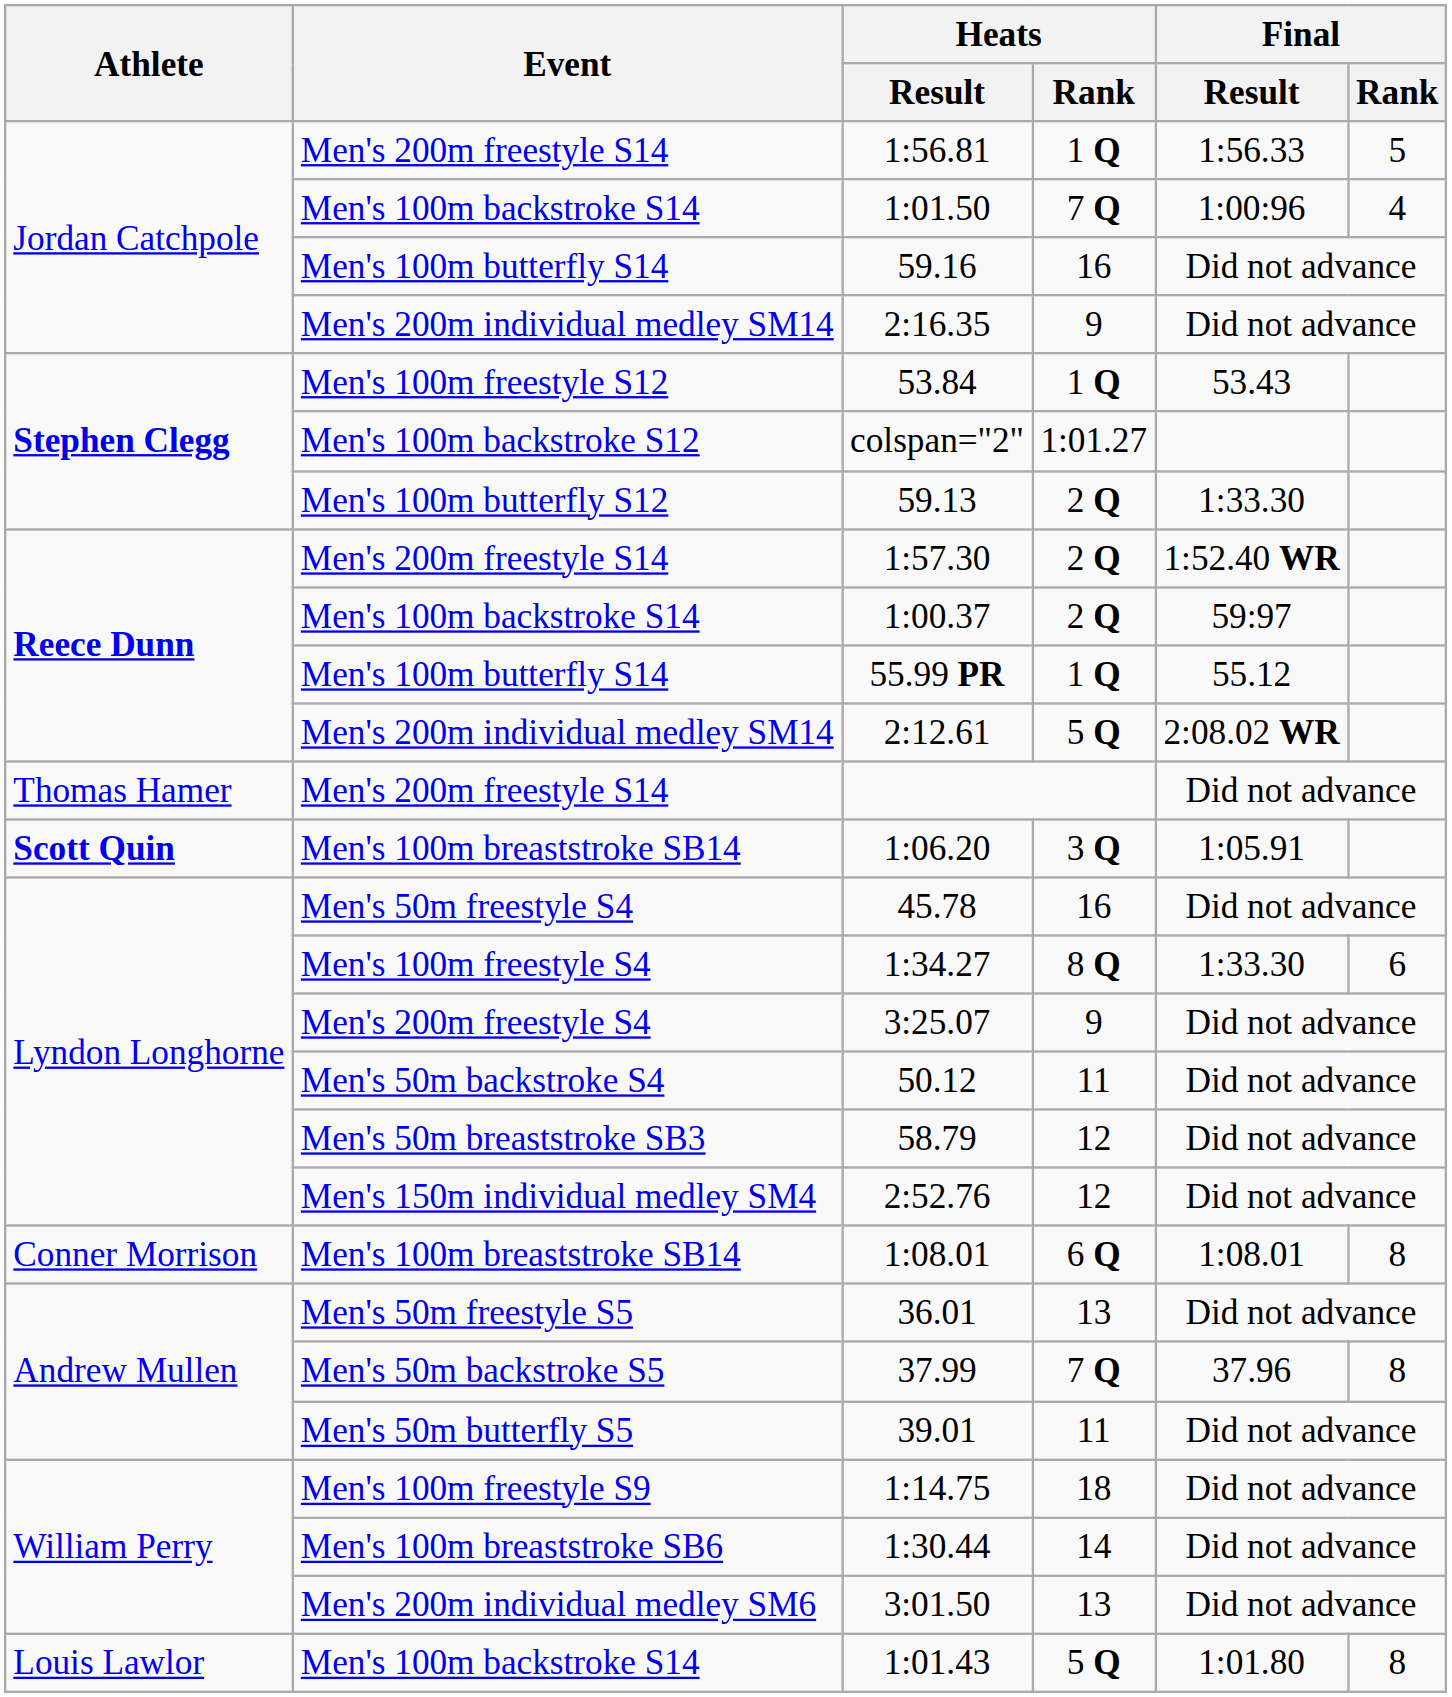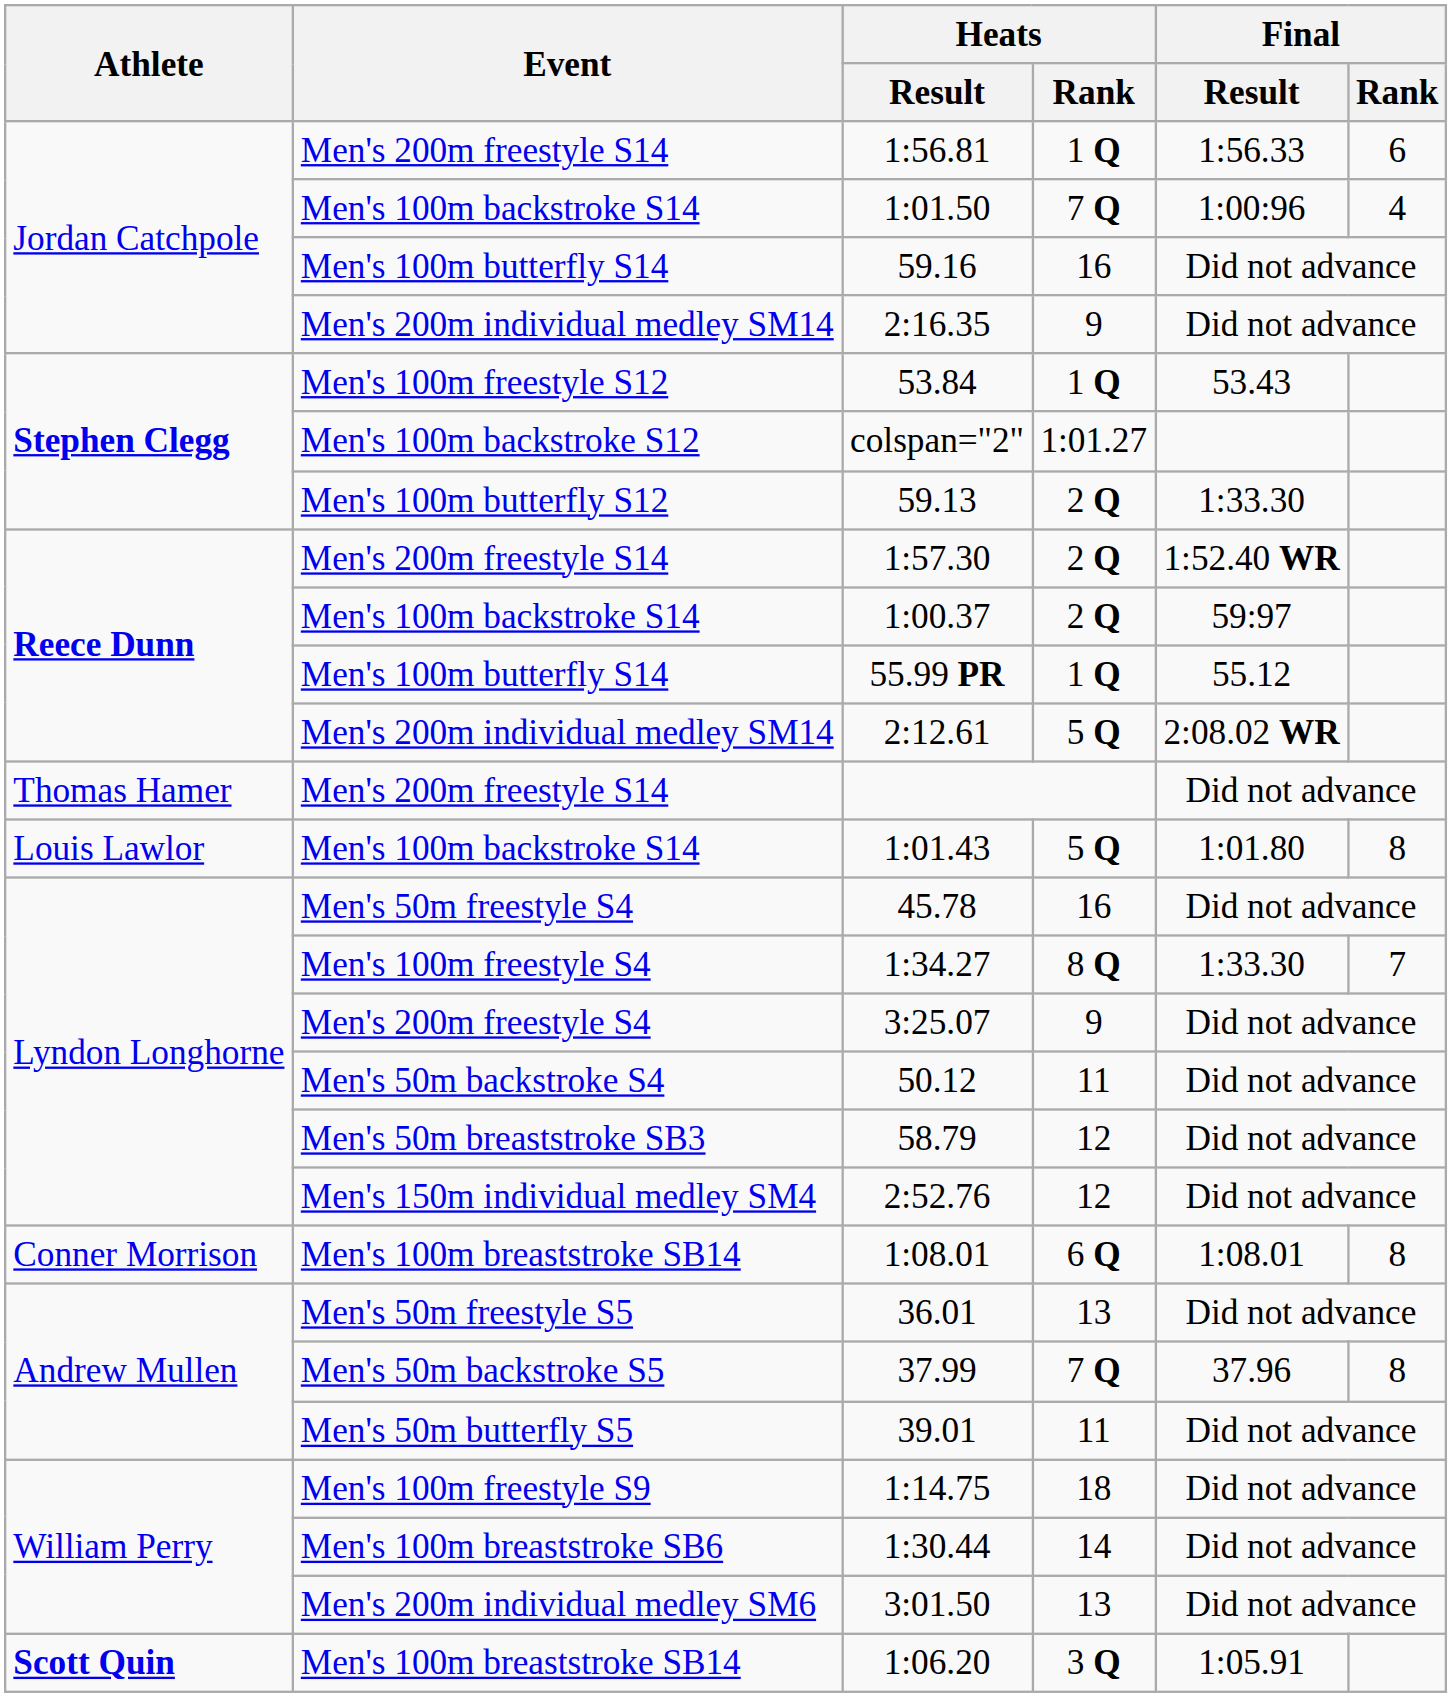 <table class=wikitable style="font-size:95%">
 <tr>
 <th rowspan="2">Athlete</th>
 <th rowspan="2">Event</th>
 <th colspan="2">Heats</th>
 <th colspan="2">Final</th>
 </tr>
 <tr>
 <th>Result</th>
 <th>Rank</th>
 <th>Result</th>
 <th>Rank</th>
 </tr>
 <tr align=center>
 <td align=left rowspan=4><a href='#'>Jordan Catchpole</a></td>
 <td align=left><a href='#'>Men's 200m freestyle S14</a></td>
 <td>1:56.81</td>
 <td>1 <strong>Q</strong></td>
 <td>1:56.33</td>
-<td>5</td>
+<td>6</td>
 </tr>
 <tr align=center>
 <td align=left><a href='#'>Men's 100m backstroke S14</a></td>
 <td>1:01.50</td>
 <td>7 <strong>Q</strong></td>
 <td>1:00:96</td>
 <td>4</td>
 </tr>
 <tr align=center>
 <td align=left><a href='#'>Men's 100m butterfly S14</a></td>
 <td>59.16</td>
 <td>16</td>
 <td colspan=2>Did not advance</td>
 </tr>
 <tr align=center>
 <td align=left><a href='#'>Men's  200m individual medley SM14</a></td>
 <td>2:16.35</td>
 <td>9</td>
 <td colspan=2>Did not advance</td>
 </tr>
 <tr align=center>
 <td align=left rowspan=3><strong><a href='#'>Stephen Clegg</a></strong></td>
 <td align=left><a href='#'>Men's 100m freestyle S12</a></td>
 <td>53.84</td>
 <td>1 <strong>Q</strong></td>
 <td>53.43</td>
 <td></td>
 </tr>
 <tr align=center>
 <td align=left><a href='#'>Men's 100m backstroke S12</a></td>
 <td>colspan="2" </td>
 <td>1:01.27</td>
 <td></td>
 </tr>
 <tr align=center>
 <td align=left><a href='#'>Men's 100m butterfly S12</a></td>
 <td>59.13</td>
 <td>2 <strong>Q</strong></td>
 <td>1:33.30</td>
 <td></td>
 </tr>
 <tr align=center>
 <td rowspan=4 align=left><strong><a href='#'>Reece Dunn</a></strong></td>
 <td align=left><a href='#'>Men's 200m freestyle S14</a></td>
 <td>1:57.30</td>
 <td>2 <strong>Q</strong></td>
 <td>1:52.40 <strong>WR</strong></td>
 <td></td>
 </tr>
 <tr align=center>
 <td align=left><a href='#'>Men's 100m backstroke S14</a></td>
 <td>1:00.37</td>
 <td>2 <strong>Q</strong></td>
 <td>59:97</td>
 <td></td>
 </tr>
 <tr align=center>
 <td align=left><a href='#'>Men's 100m butterfly S14</a></td>
 <td>55.99 <strong>PR</strong></td>
 <td>1 <strong>Q</strong></td>
 <td>55.12</td>
 <td></td>
 </tr>
 <tr align=center>
 <td align=left><a href='#'>Men's 200m individual medley SM14</a></td>
 <td>2:12.61</td>
 <td>5 <strong>Q</strong></td>
 <td>2:08.02 <strong>WR</strong></td>
 <td></td>
 </tr>
 <tr align=center>
 <td align=left><a href='#'>Thomas Hamer</a></td>
 <td align=left><a href='#'>Men's 200m freestyle S14</a></td>
 <td colspan="2"></td>
 <td colspan="2">Did not advance</td>
 </tr>
 <tr align=center>
-<td align=left><strong><a href='#'>Scott Quin</a></strong></td>
-<td align=left><a href='#'>Men's 100m breaststroke SB14</a></td>
-<td>1:06.20</td>
-<td>3 <strong>Q</strong></td>
-<td>1:05.91</td>
-<td></td>
+<td align=left><a href='#'>Louis Lawlor</a></td>
+<td align=left><a href='#'>Men's 100m backstroke S14</a></td>
+<td>1:01.43</td>
+<td>5 <strong>Q</strong></td>
+<td>1:01.80</td>
+<td>8</td>
 </tr>
 <tr align=center>
 <td align=left rowspan=6><a href='#'>Lyndon Longhorne</a></td>
 <td align=left><a href='#'>Men's 50m freestyle S4</a></td>
 <td>45.78</td>
 <td>16</td>
 <td colspan=2>Did not advance</td>
 </tr>
 <tr align=center>
 <td align=left><a href='#'>Men's 100m freestyle S4</a></td>
 <td>1:34.27</td>
 <td>8 <strong>Q</strong></td>
 <td>1:33.30</td>
-<td>6</td>
+<td>7</td>
 </tr>
 <tr align=center>
 <td align=left><a href='#'>Men's 200m freestyle S4</a></td>
 <td>3:25.07</td>
 <td>9</td>
 <td colspan=2>Did not advance</td>
 </tr>
 <tr align=center>
 <td align=left><a href='#'>Men's 50m backstroke S4</a></td>
 <td>50.12</td>
 <td>11</td>
 <td colspan=2>Did not advance</td>
 </tr>
 <tr align=center>
 <td align=left><a href='#'>Men's 50m breaststroke SB3</a></td>
 <td>58.79</td>
 <td>12</td>
 <td colspan=2>Did not advance</td>
 </tr>
 <tr align=center>
 <td align=left><a href='#'>Men's 150m individual medley SM4</a></td>
 <td>2:52.76</td>
 <td>12</td>
 <td colspan=2>Did not advance</td>
 </tr>
 <tr align=center>
 <td align=left><a href='#'>Conner Morrison</a></td>
 <td align=left><a href='#'>Men's 100m breaststroke SB14</a></td>
 <td>1:08.01</td>
 <td>6 <strong>Q</strong></td>
 <td>1:08.01</td>
 <td>8</td>
 </tr>
 <tr align=center>
 <td align=left rowspan=3><a href='#'>Andrew Mullen</a></td>
 <td align=left><a href='#'>Men's 50m freestyle S5</a></td>
 <td>36.01</td>
 <td>13</td>
 <td colspan=2>Did not advance</td>
 </tr>
 <tr align=center>
 <td align=left><a href='#'>Men's 50m backstroke S5</a></td>
 <td>37.99</td>
 <td>7 <strong>Q</strong></td>
 <td>37.96</td>
 <td>8</td>
 </tr>
 <tr align=center>
 <td align=left><a href='#'>Men's 50m butterfly S5</a></td>
 <td>39.01</td>
 <td>11</td>
 <td colspan=2>Did not advance</td>
 </tr>
 <tr align=center>
 <td align=left rowspan=3><a href='#'>William Perry</a></td>
 <td align=left><a href='#'>Men's 100m freestyle S9</a></td>
 <td>1:14.75</td>
 <td>18</td>
 <td colspan=2>Did not advance</td>
 </tr>
 <tr align=center>
 <td align=left><a href='#'>Men's 100m breaststroke SB6</a></td>
 <td>1:30.44</td>
 <td>14</td>
 <td colspan=2>Did not advance</td>
 </tr>
 <tr align=center>
 <td align=left><a href='#'>Men's 200m individual medley SM6</a></td>
 <td>3:01.50</td>
 <td>13</td>
 <td colspan=2>Did not advance</td>
 </tr>
 <tr align=center>
-<td align=left><a href='#'>Louis Lawlor</a></td>
-<td align=left><a href='#'>Men's 100m backstroke S14</a></td>
-<td>1:01.43</td>
-<td>5 <strong>Q</strong></td>
-<td>1:01.80</td>
-<td>8</td>
+<td align=left><strong><a href='#'>Scott Quin</a></strong></td>
+<td align=left><a href='#'>Men's 100m breaststroke SB14</a></td>
+<td>1:06.20</td>
+<td>3 <strong>Q</strong></td>
+<td>1:05.91</td>
+<td></td>
 </tr>
 </table>
